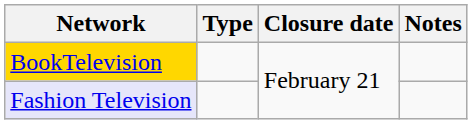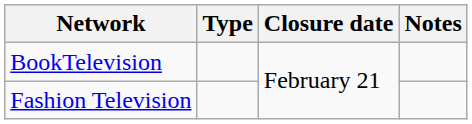 <table class="wikitable">
 <tr>
 <th>Network</th>
 <th>Type</th>
 <th>Closure date</th>
 <th>Notes</th>
 </tr>
 <tr>
-<td style="background: gold;"><a href='#'>BookTelevision</a></td>
+<td><a href='#'>BookTelevision</a></td>
 <td></td>
 <td rowspan=2>February 21</td>
 <td></td>
 </tr>
 <tr>
-<td style="background: lavender;"><a href='#'>Fashion Television</a></td>
+<td><a href='#'>Fashion Television</a></td>
 <td></td>
 <td></td>
 </tr>
 </table>
